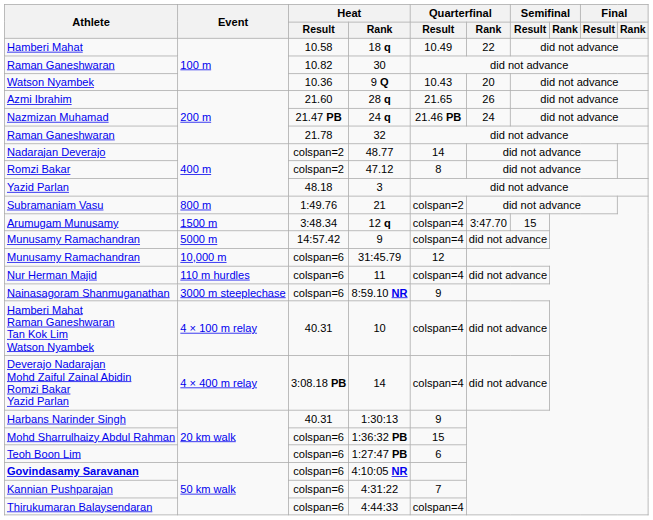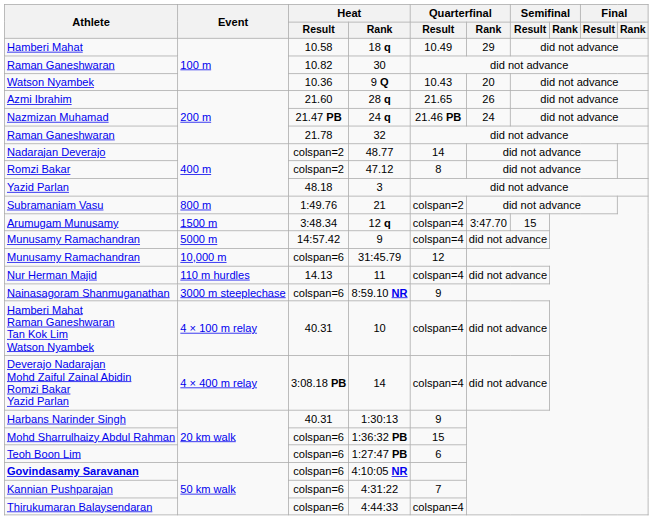 <table class="wikitable" style="font-size:90%">
 <tr>
 <th rowspan="2">Athlete</th>
 <th rowspan="2">Event</th>
 <th colspan="2">Heat</th>
 <th colspan="2">Quarterfinal</th>
 <th colspan="2">Semifinal</th>
 <th colspan="2">Final</th>
 </tr>
 <tr style="font-size:95%">
 <th>Result</th>
 <th>Rank</th>
 <th>Result</th>
 <th>Rank</th>
 <th>Result</th>
 <th>Rank</th>
 <th>Result</th>
 <th>Rank</th>
 </tr>
 <tr align=center>
 <td align=left><a href='#'>Hamberi Mahat</a></td>
 <td align=left rowspan=3><a href='#'>100 m</a></td>
 <td>10.58</td>
 <td>18 <strong>q</strong></td>
 <td>10.49</td>
-<td>22</td>
+<td>29</td>
 <td colspan=4>did not advance</td>
 </tr>
 <tr align=center>
 <td align=left><a href='#'>Raman Ganeshwaran</a></td>
 <td>10.82</td>
 <td>30</td>
 <td colspan=6>did not advance</td>
 </tr>
 <tr align=center>
 <td align=left><a href='#'>Watson Nyambek</a></td>
 <td>10.36</td>
 <td>9 <strong>Q</strong></td>
 <td>10.43</td>
 <td>20</td>
 <td colspan=4>did not advance</td>
 </tr>
 <tr align=center>
 <td align=left><a href='#'>Azmi Ibrahim</a></td>
 <td align=left rowspan=3><a href='#'>200 m</a></td>
 <td>21.60</td>
 <td>28 <strong>q</strong></td>
 <td>21.65</td>
 <td>26</td>
 <td colspan=4>did not advance</td>
 </tr>
 <tr align=center>
 <td align=left><a href='#'>Nazmizan Muhamad</a></td>
 <td>21.47 <strong>PB</strong></td>
 <td>24 <strong>q</strong></td>
 <td>21.46 <strong>PB</strong></td>
 <td>24</td>
 <td colspan=4>did not advance</td>
 </tr>
 <tr align=center>
 <td align=left><a href='#'>Raman Ganeshwaran</a></td>
 <td>21.78</td>
 <td>32</td>
 <td colspan=6>did not advance</td>
 </tr>
 <tr align=center>
 <td align=left><a href='#'>Nadarajan Deverajo</a></td>
 <td align=left rowspan=3><a href='#'>400 m</a></td>
 <td>colspan=2 </td>
 <td>48.77</td>
 <td>14</td>
 <td colspan=4>did not advance</td>
 </tr>
 <tr align=center>
 <td align=left><a href='#'>Romzi Bakar</a></td>
 <td>colspan=2 </td>
 <td>47.12</td>
 <td>8</td>
 <td colspan=4>did not advance</td>
 </tr>
 <tr align=center>
 <td align=left><a href='#'>Yazid Parlan</a></td>
 <td>48.18</td>
 <td>3</td>
 <td colspan=6>did not advance</td>
 </tr>
 <tr align=center>
 <td align=left><a href='#'>Subramaniam Vasu</a></td>
 <td align=left><a href='#'>800 m</a></td>
 <td>1:49.76</td>
 <td>21</td>
 <td>colspan=2 </td>
 <td colspan=4>did not advance</td>
 </tr>
 <tr align=center>
 <td align=left><a href='#'>Arumugam Munusamy</a></td>
 <td align=left><a href='#'>1500 m</a></td>
 <td>3:48.34</td>
 <td>12 <strong>q</strong></td>
 <td>colspan=4 </td>
 <td>3:47.70</td>
 <td>15</td>
 </tr>
 <tr align=center>
 <td align=left><a href='#'>Munusamy Ramachandran</a></td>
 <td align=left><a href='#'>5000 m</a></td>
 <td>14:57.42</td>
 <td>9</td>
 <td>colspan=4 </td>
 <td colspan=2>did not advance</td>
 </tr>
 <tr align=center>
 <td align=left><a href='#'>Munusamy Ramachandran</a></td>
 <td align=left><a href='#'>10,000 m</a></td>
 <td>colspan=6 </td>
 <td>31:45.79</td>
 <td>12</td>
 </tr>
 <tr align=center>
 <td align=left><a href='#'>Nur Herman Majid</a></td>
 <td align=left><a href='#'>110 m hurdles</a></td>
-<td>colspan=6 </td>
+<td>14.13</td>
 <td>11</td>
 <td>colspan=4 </td>
 <td colspan=2>did not advance</td>
 </tr>
 <tr align=center>
 <td align=left><a href='#'>Nainasagoram Shanmuganathan</a></td>
 <td align=left><a href='#'>3000 m steeplechase</a></td>
 <td>colspan=6 </td>
 <td>8:59.10 <strong><a href='#'>NR</a></strong></td>
 <td>9</td>
 </tr>
 <tr align=center>
 <td align=left><a href='#'>Hamberi Mahat</a><br><a href='#'>Raman Ganeshwaran</a><br><a href='#'>Tan Kok Lim</a><br><a href='#'>Watson Nyambek</a></td>
 <td align=left><a href='#'>4 × 100 m relay</a></td>
 <td>40.31</td>
 <td>10</td>
 <td>colspan=4 </td>
 <td colspan=2>did not advance</td>
 </tr>
 <tr align=center>
 <td align=left><a href='#'>Deverajo Nadarajan</a><br><a href='#'>Mohd Zaiful Zainal Abidin</a><br><a href='#'>Romzi Bakar</a><br><a href='#'>Yazid Parlan</a></td>
 <td align=left><a href='#'>4 × 400 m relay</a></td>
 <td>3:08.18 <strong>PB</strong></td>
 <td>14</td>
 <td>colspan=4 </td>
 <td colspan=2>did not advance</td>
 </tr>
 <tr align=center>
 <td align=left><a href='#'>Harbans Narinder Singh</a></td>
 <td align=left rowspan=3><a href='#'>20 km walk</a></td>
 <td>40.31</td>
 <td>1:30:13</td>
 <td>9</td>
 </tr>
 <tr align=center>
 <td align=left><a href='#'>Mohd Sharrulhaizy Abdul Rahman</a></td>
 <td>colspan=6 </td>
 <td>1:36:32 <strong>PB</strong></td>
 <td>15</td>
 </tr>
 <tr align=center>
 <td align=left><a href='#'>Teoh Boon Lim</a></td>
 <td>colspan=6 </td>
 <td>1:27:47 <strong>PB</strong></td>
 <td>6</td>
 </tr>
 <tr align=center>
 <td align=left><strong><a href='#'>Govindasamy Saravanan</a></strong></td>
 <td align=left rowspan=3><a href='#'>50 km walk</a></td>
 <td>colspan=6 </td>
 <td>4:10:05 <strong><a href='#'>NR</a></strong></td>
 <td></td>
 </tr>
 <tr align=center>
 <td align=left><a href='#'>Kannian Pushparajan</a></td>
 <td>colspan=6 </td>
 <td>4:31:22</td>
 <td>7</td>
 </tr>
 <tr align=center>
 <td align=left><a href='#'>Thirukumaran Balaysendaran</a></td>
 <td>colspan=6 </td>
 <td>4:44:33</td>
 <td>colspan=4 </td>
 </tr>
 </table>
